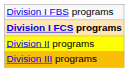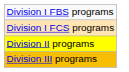 <table class="wikitable">
 <tr>
 <td No shading><a href='#'>Division I FBS</a> programs</td>
 </tr>
 <tr>
-<td bgcolor=#FFE5B4><strong><a href='#'>Division I FCS</a> programs</strong></td>
+<td bgcolor=#FFE5B4><a href='#'>Division I FCS</a> programs</td>
 </tr>
 <tr>
 <td bgcolor=#FFFF00><a href='#'>Division II</a> programs</td>
 </tr>
 <tr>
 <td bgcolor=#F7BE05><a href='#'>Division III</a> programs</td>
 </tr>
 </table>
